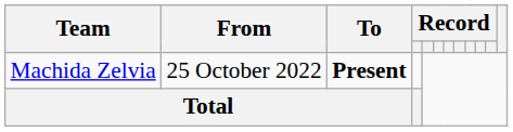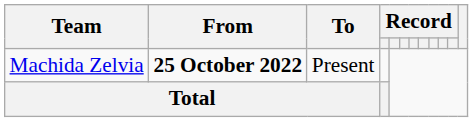 <table class=wikitable style=text-align:center>
 <tr>
 <th rowspan=2>Team</th>
 <th rowspan=2>From</th>
 <th rowspan=2>To</th>
 <th colspan=8>Record</th>
 <th rowspan=2></th>
 </tr>
 <tr>
 <th></th>
 <th></th>
 <th></th>
 <th></th>
 <th></th>
 <th></th>
 <th></th>
 <th></th>
 </tr>
 <tr>
 <td align=left><a href='#'>Machida Zelvia</a></td>
-<td align=left>25 October 2022</td>
-<td align=left><strong>Present<br></strong></td>
+<td align=left><strong>25 October 2022</strong></td>
+<td align=left>Present<br></td>
 <td></td>
 </tr>
 <tr>
 <th colspan=3>Total<br></th>
 <th></th>
 </tr>
 </table>
